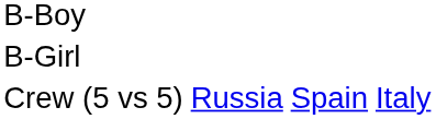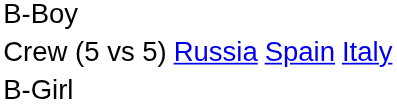 <table>
 <tr>
 <td>B-Boy</td>
-<td></td>
-<td></td>
-<td></td>
-</tr>
-<tr>
-<td>B-Girl</td>
 <td></td>
 <td></td>
 <td></td>
 </tr>
 <tr>
 <td>Crew (5 vs 5)</td>
 <td> <a href='#'>Russia</a></td>
 <td> <a href='#'>Spain</a></td>
 <td> <a href='#'>Italy</a></td>
 </tr>
+<tr>
+<td>B-Girl</td>
+<td></td>
+<td></td>
+<td></td>
+</tr>
 </table>
